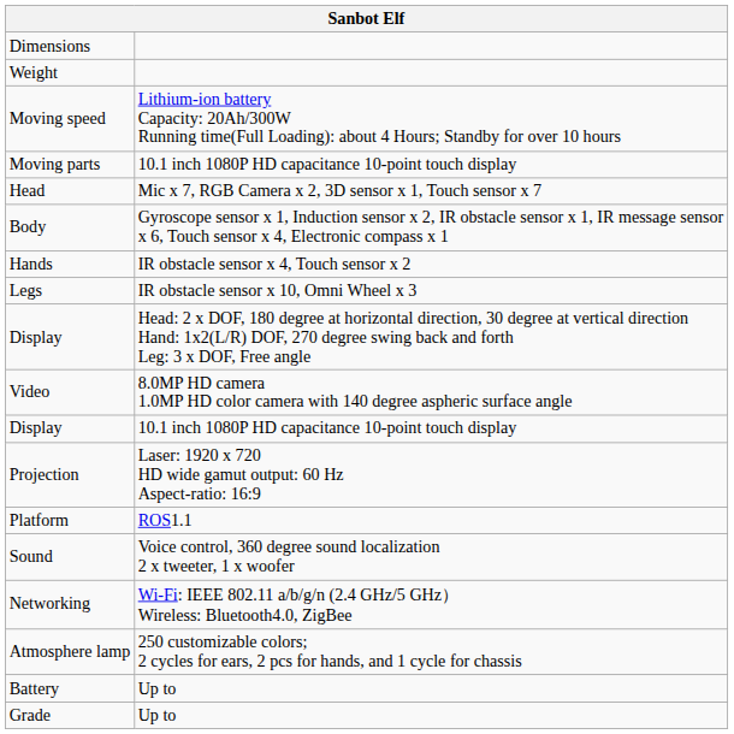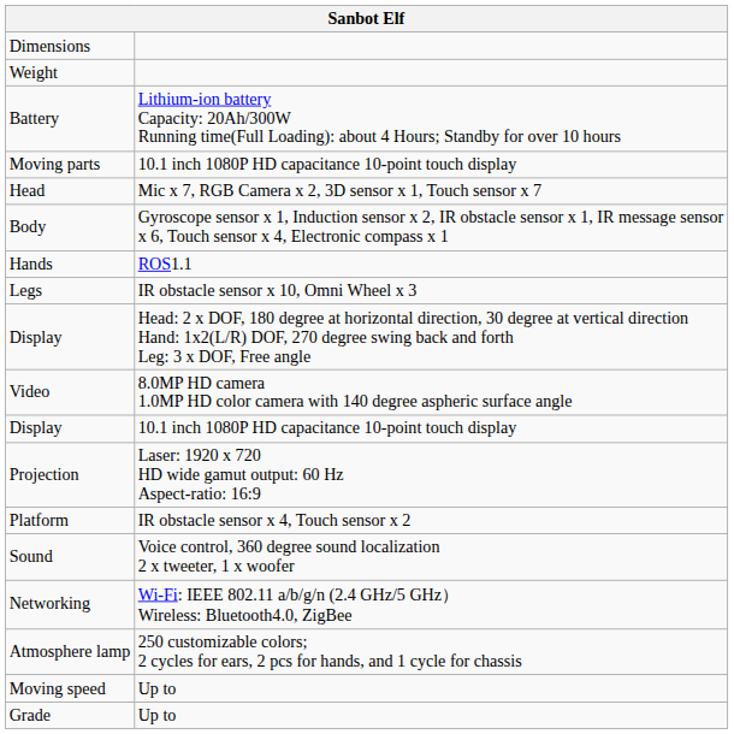 <table class="wikitable mw-collapsible mw-collapsed">
 <tr>
 <th colspan="2">Sanbot Elf</th>
 </tr>
 <tr>
 <td>Dimensions</td>
 <td></td>
 </tr>
 <tr>
 <td>Weight</td>
 <td></td>
 </tr>
 <tr>
-<td>Moving speed</td>
+<td>Battery</td>
 <td><a href='#'>Lithium-ion battery</a><br>Capacity: 20Ah/300W<br>Running time(Full Loading): about 4 Hours; Standby for over 10 hours</td>
 </tr>
 <tr>
 <td>Moving parts</td>
 <td>10.1 inch 1080P HD capacitance 10-point touch display</td>
 </tr>
 <tr>
 <td>Head</td>
 <td>Mic x 7, RGB Camera x 2, 3D sensor x  1, Touch sensor x 7</td>
 </tr>
 <tr>
 <td>Body</td>
 <td>Gyroscope sensor x 1, Induction sensor x 2, IR obstacle sensor x 1, IR message sensor<br> x 6, Touch sensor x 4, Electronic compass x 1</td>
 </tr>
 <tr>
 <td>Hands</td>
-<td>IR obstacle sensor x 4, Touch sensor x 2</td>
+<td><a href='#'>ROS</a>1.1</td>
 </tr>
 <tr>
 <td>Legs</td>
 <td>IR obstacle sensor x 10, Omni Wheel x 3</td>
 </tr>
 <tr>
 <td>Display</td>
 <td>Head: 2 x DOF, 180 degree at horizontal direction, 30 degree at  vertical direction<br>Hand: 1x2(L/R) DOF, 270 degree swing back and forth<br>Leg: 3 x DOF, Free angle</td>
 </tr>
 <tr>
 <td>Video</td>
 <td>8.0MP HD camera<br>1.0MP HD color camera with 140 degree aspheric surface angle</td>
 </tr>
 <tr>
 <td>Display</td>
 <td>10.1 inch 1080P HD capacitance 10-point touch display</td>
 </tr>
 <tr>
 <td>Projection</td>
 <td>Laser: 1920 x 720<br>HD wide gamut output: 60 Hz<br>Aspect-ratio: 16:9</td>
 </tr>
 <tr>
 <td>Platform</td>
-<td><a href='#'>ROS</a>1.1</td>
+<td>IR obstacle sensor x 4, Touch sensor x 2</td>
 </tr>
 <tr>
 <td>Sound</td>
 <td>Voice control, 360 degree sound localization<br>2 x tweeter, 1 x woofer</td>
 </tr>
 <tr>
 <td>Networking</td>
 <td><a href='#'>Wi-Fi</a>: IEEE 802.11 a/b/g/n (2.4 GHz/5 GHz）<br> Wireless: Bluetooth4.0, ZigBee</td>
 </tr>
 <tr>
 <td>Atmosphere lamp</td>
 <td>250 customizable colors;<br>2 cycles for ears, 2 pcs for hands, and 1 cycle for chassis</td>
 </tr>
 <tr>
-<td>Battery</td>
+<td>Moving speed</td>
 <td>Up to </td>
 </tr>
 <tr>
 <td>Grade</td>
 <td>Up to </td>
 </tr>
 </table>
